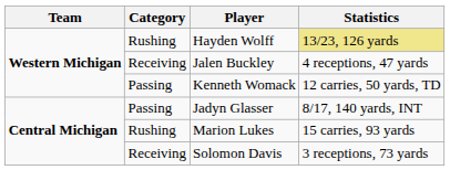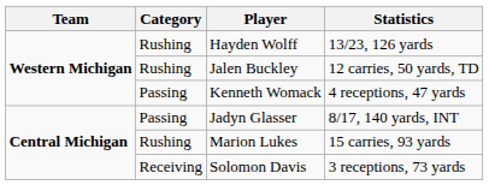 <table class="wikitable" style="float: right;">
 <tr>
 <th>Team</th>
 <th>Category</th>
 <th>Player</th>
 <th>Statistics</th>
 </tr>
 <tr>
 <td rowspan=3><strong>Western Michigan</strong></td>
 <td>Rushing</td>
 <td>Hayden Wolff</td>
-<td style="background: khaki;">13/23, 126 yards</td>
+<td>13/23, 126 yards</td>
 </tr>
 <tr>
-<td>Receiving</td>
+<td>Rushing</td>
 <td>Jalen Buckley</td>
-<td>4 receptions, 47 yards</td>
+<td>12 carries, 50 yards, TD</td>
 </tr>
 <tr>
 <td>Passing</td>
 <td>Kenneth Womack</td>
-<td>12 carries, 50 yards, TD</td>
+<td>4 receptions, 47 yards</td>
 </tr>
 <tr>
 <td rowspan=3><strong>Central Michigan</strong></td>
 <td>Passing</td>
 <td>Jadyn Glasser</td>
 <td>8/17, 140 yards, INT</td>
 </tr>
 <tr>
 <td>Rushing</td>
 <td>Marion Lukes</td>
 <td>15 carries, 93 yards</td>
 </tr>
 <tr>
 <td>Receiving</td>
 <td>Solomon Davis</td>
 <td>3 receptions, 73 yards</td>
 </tr>
 </table>
